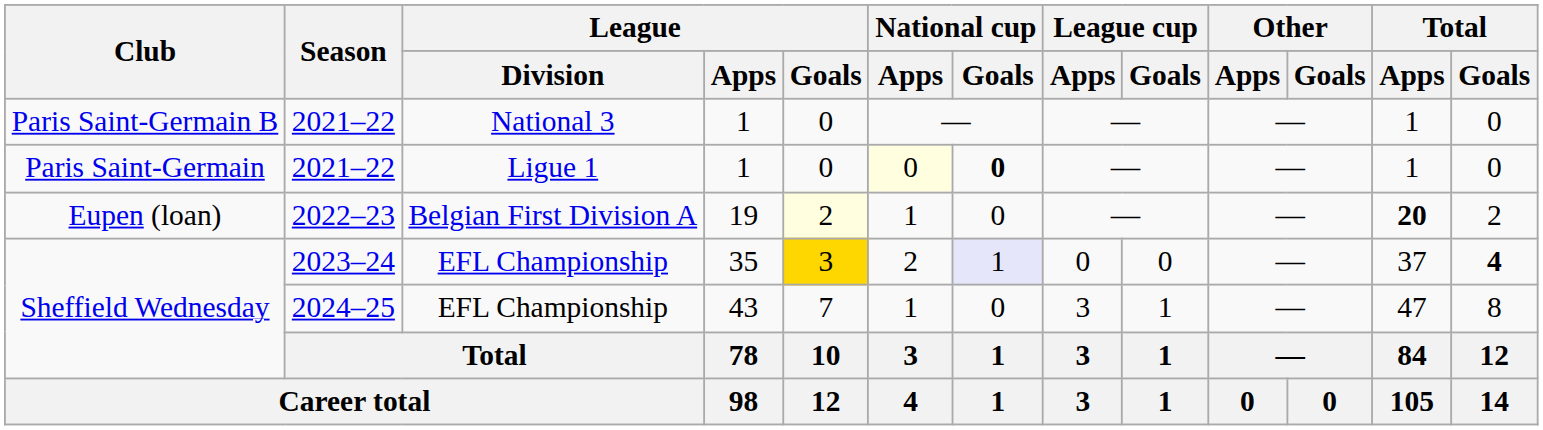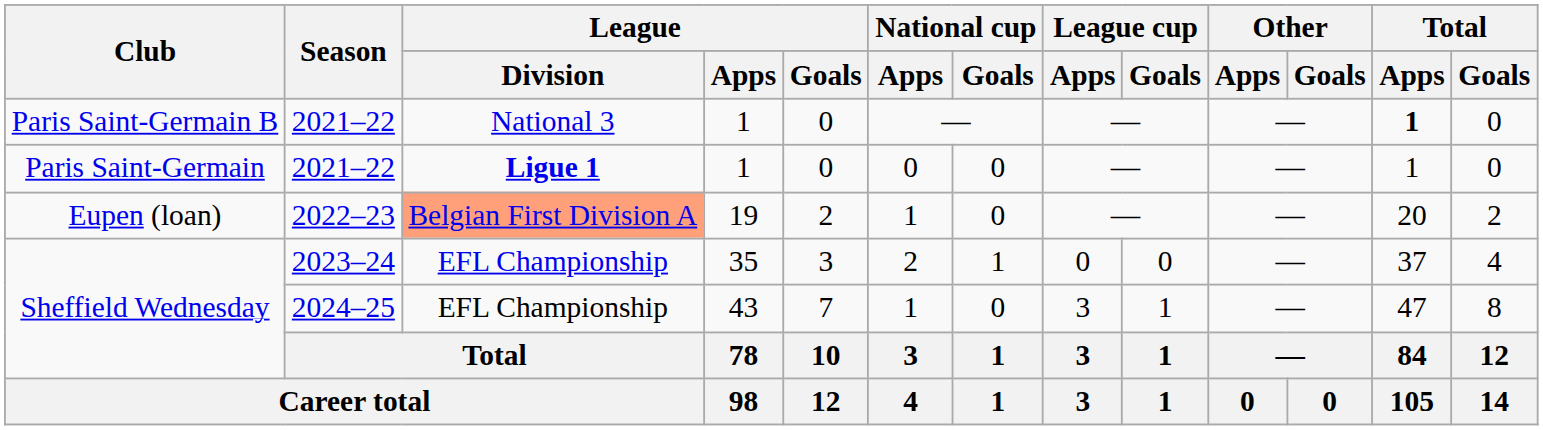 <table class="wikitable" Style="text-align: center">
 <tr>
 <th rowspan="2">Club</th>
 <th rowspan="2">Season</th>
 <th colspan="3">League</th>
 <th colspan="2">National cup</th>
 <th colspan="2">League cup</th>
 <th colspan="2">Other</th>
 <th colspan="2">Total</th>
 </tr>
 <tr>
 <th>Division</th>
 <th>Apps</th>
 <th>Goals</th>
 <th>Apps</th>
 <th>Goals</th>
 <th>Apps</th>
 <th>Goals</th>
 <th>Apps</th>
 <th>Goals</th>
 <th>Apps</th>
 <th>Goals</th>
 </tr>
 <tr>
 <td><a href='#'>Paris Saint-Germain B</a></td>
 <td><a href='#'>2021–22</a></td>
 <td><a href='#'>National 3</a></td>
 <td>1</td>
 <td>0</td>
 <td colspan="2">—</td>
 <td colspan="2">—</td>
 <td colspan="2">—</td>
-<td>1</td>
+<td><strong>1</strong></td>
 <td>0</td>
 </tr>
 <tr>
 <td><a href='#'>Paris Saint-Germain</a></td>
 <td><a href='#'>2021–22</a></td>
-<td><a href='#'>Ligue 1</a></td>
+<td><strong><a href='#'>Ligue 1</a></strong></td>
 <td>1</td>
 <td>0</td>
-<td style="background: lightyellow;">0</td>
-<td><strong>0</strong></td>
+<td>0</td>
+<td>0</td>
 <td colspan="2">—</td>
 <td colspan="2">—</td>
 <td>1</td>
 <td>0</td>
 </tr>
 <tr>
 <td><a href='#'>Eupen</a> (loan)</td>
 <td><a href='#'>2022–23</a></td>
-<td><a href='#'>Belgian First Division A</a></td>
+<td style="background: lightsalmon;"><a href='#'>Belgian First Division A</a></td>
 <td>19</td>
-<td style="background: lightyellow;">2</td>
+<td>2</td>
 <td>1</td>
 <td>0</td>
 <td colspan="2">—</td>
 <td colspan="2">—</td>
-<td><strong>20</strong></td>
+<td>20</td>
 <td>2</td>
 </tr>
 <tr>
 <td rowspan="3"><a href='#'>Sheffield Wednesday</a></td>
 <td><a href='#'>2023–24</a></td>
 <td><a href='#'>EFL Championship</a></td>
 <td>35</td>
-<td style="background: gold;">3</td>
+<td>3</td>
 <td>2</td>
-<td style="background: lavender;">1</td>
+<td>1</td>
 <td>0</td>
 <td>0</td>
 <td colspan="2">—</td>
 <td>37</td>
-<td><strong>4</strong></td>
+<td>4</td>
 </tr>
 <tr>
 <td><a href='#'>2024–25</a></td>
 <td>EFL Championship</td>
 <td>43</td>
 <td>7</td>
 <td>1</td>
 <td>0</td>
 <td>3</td>
 <td>1</td>
 <td colspan="2">—</td>
 <td>47</td>
 <td>8</td>
 </tr>
 <tr>
 <th colspan="2">Total</th>
 <th>78</th>
 <th>10</th>
 <th>3</th>
 <th>1</th>
 <th>3</th>
 <th>1</th>
 <th colspan="2">—</th>
 <th>84</th>
 <th>12</th>
 </tr>
 <tr>
 <th colspan="3">Career total</th>
 <th>98</th>
 <th>12</th>
 <th>4</th>
 <th>1</th>
 <th>3</th>
 <th>1</th>
 <th>0</th>
 <th>0</th>
 <th>105</th>
 <th>14</th>
 </tr>
 </table>
